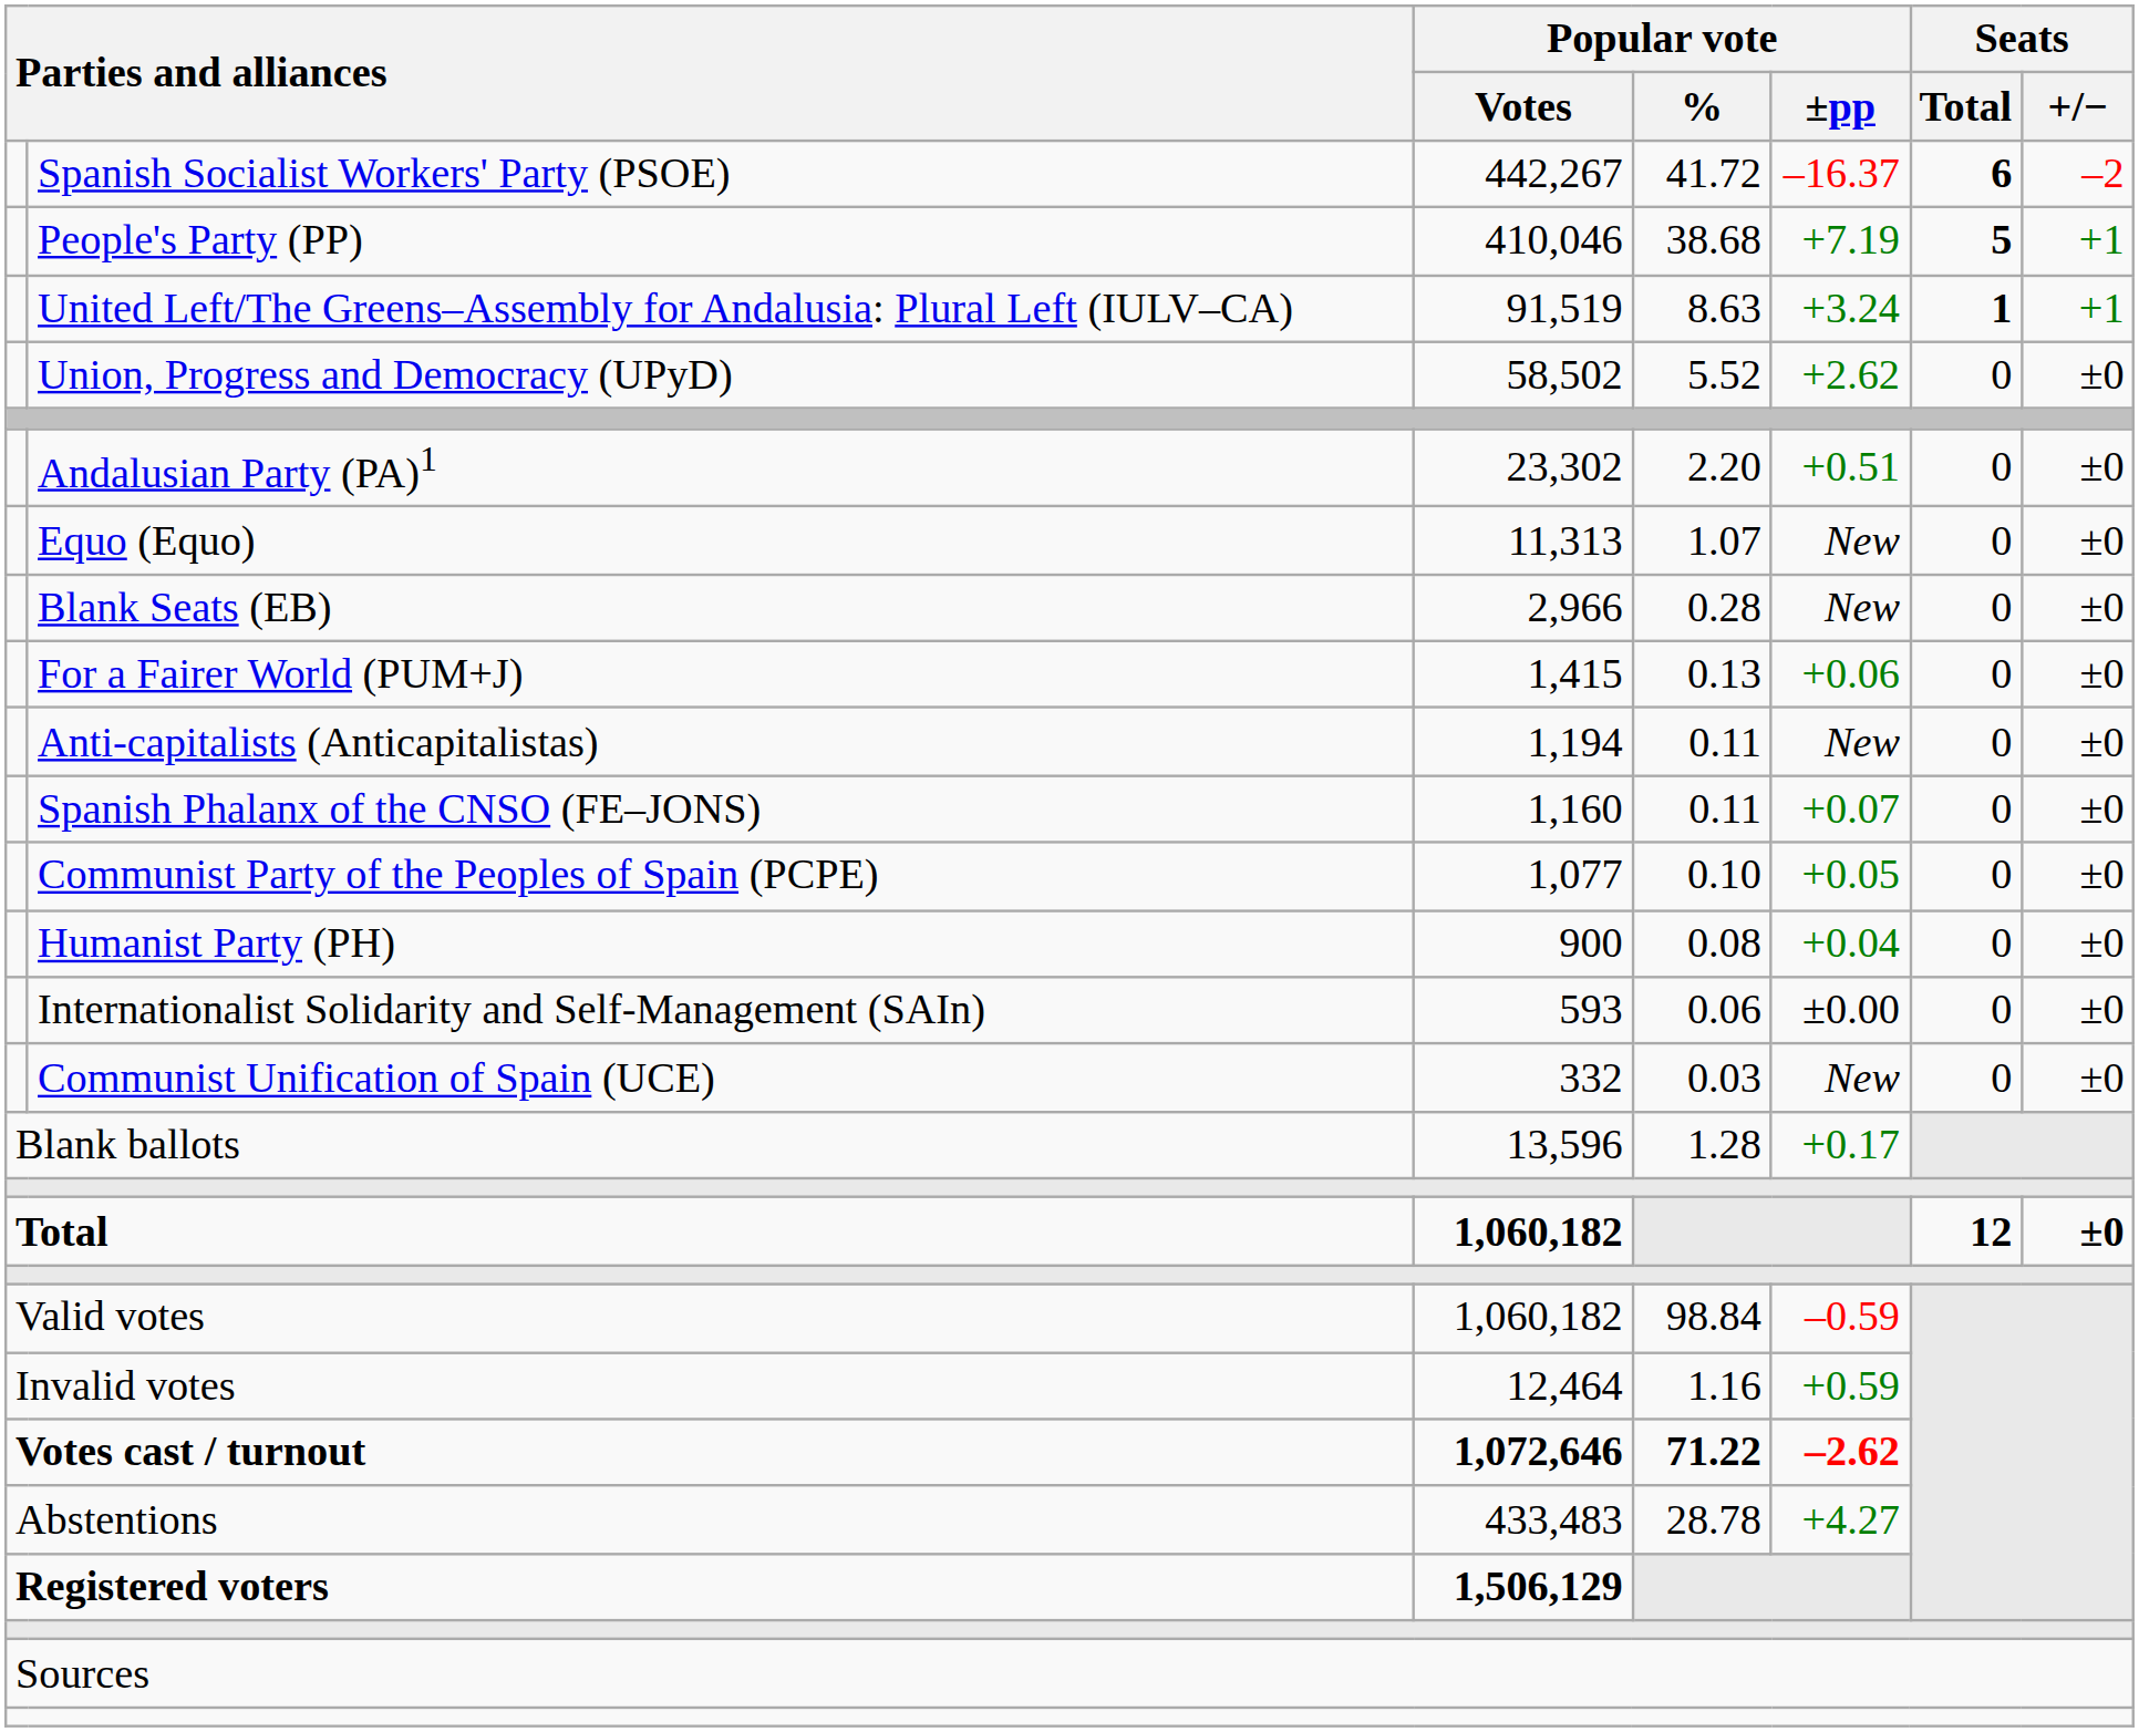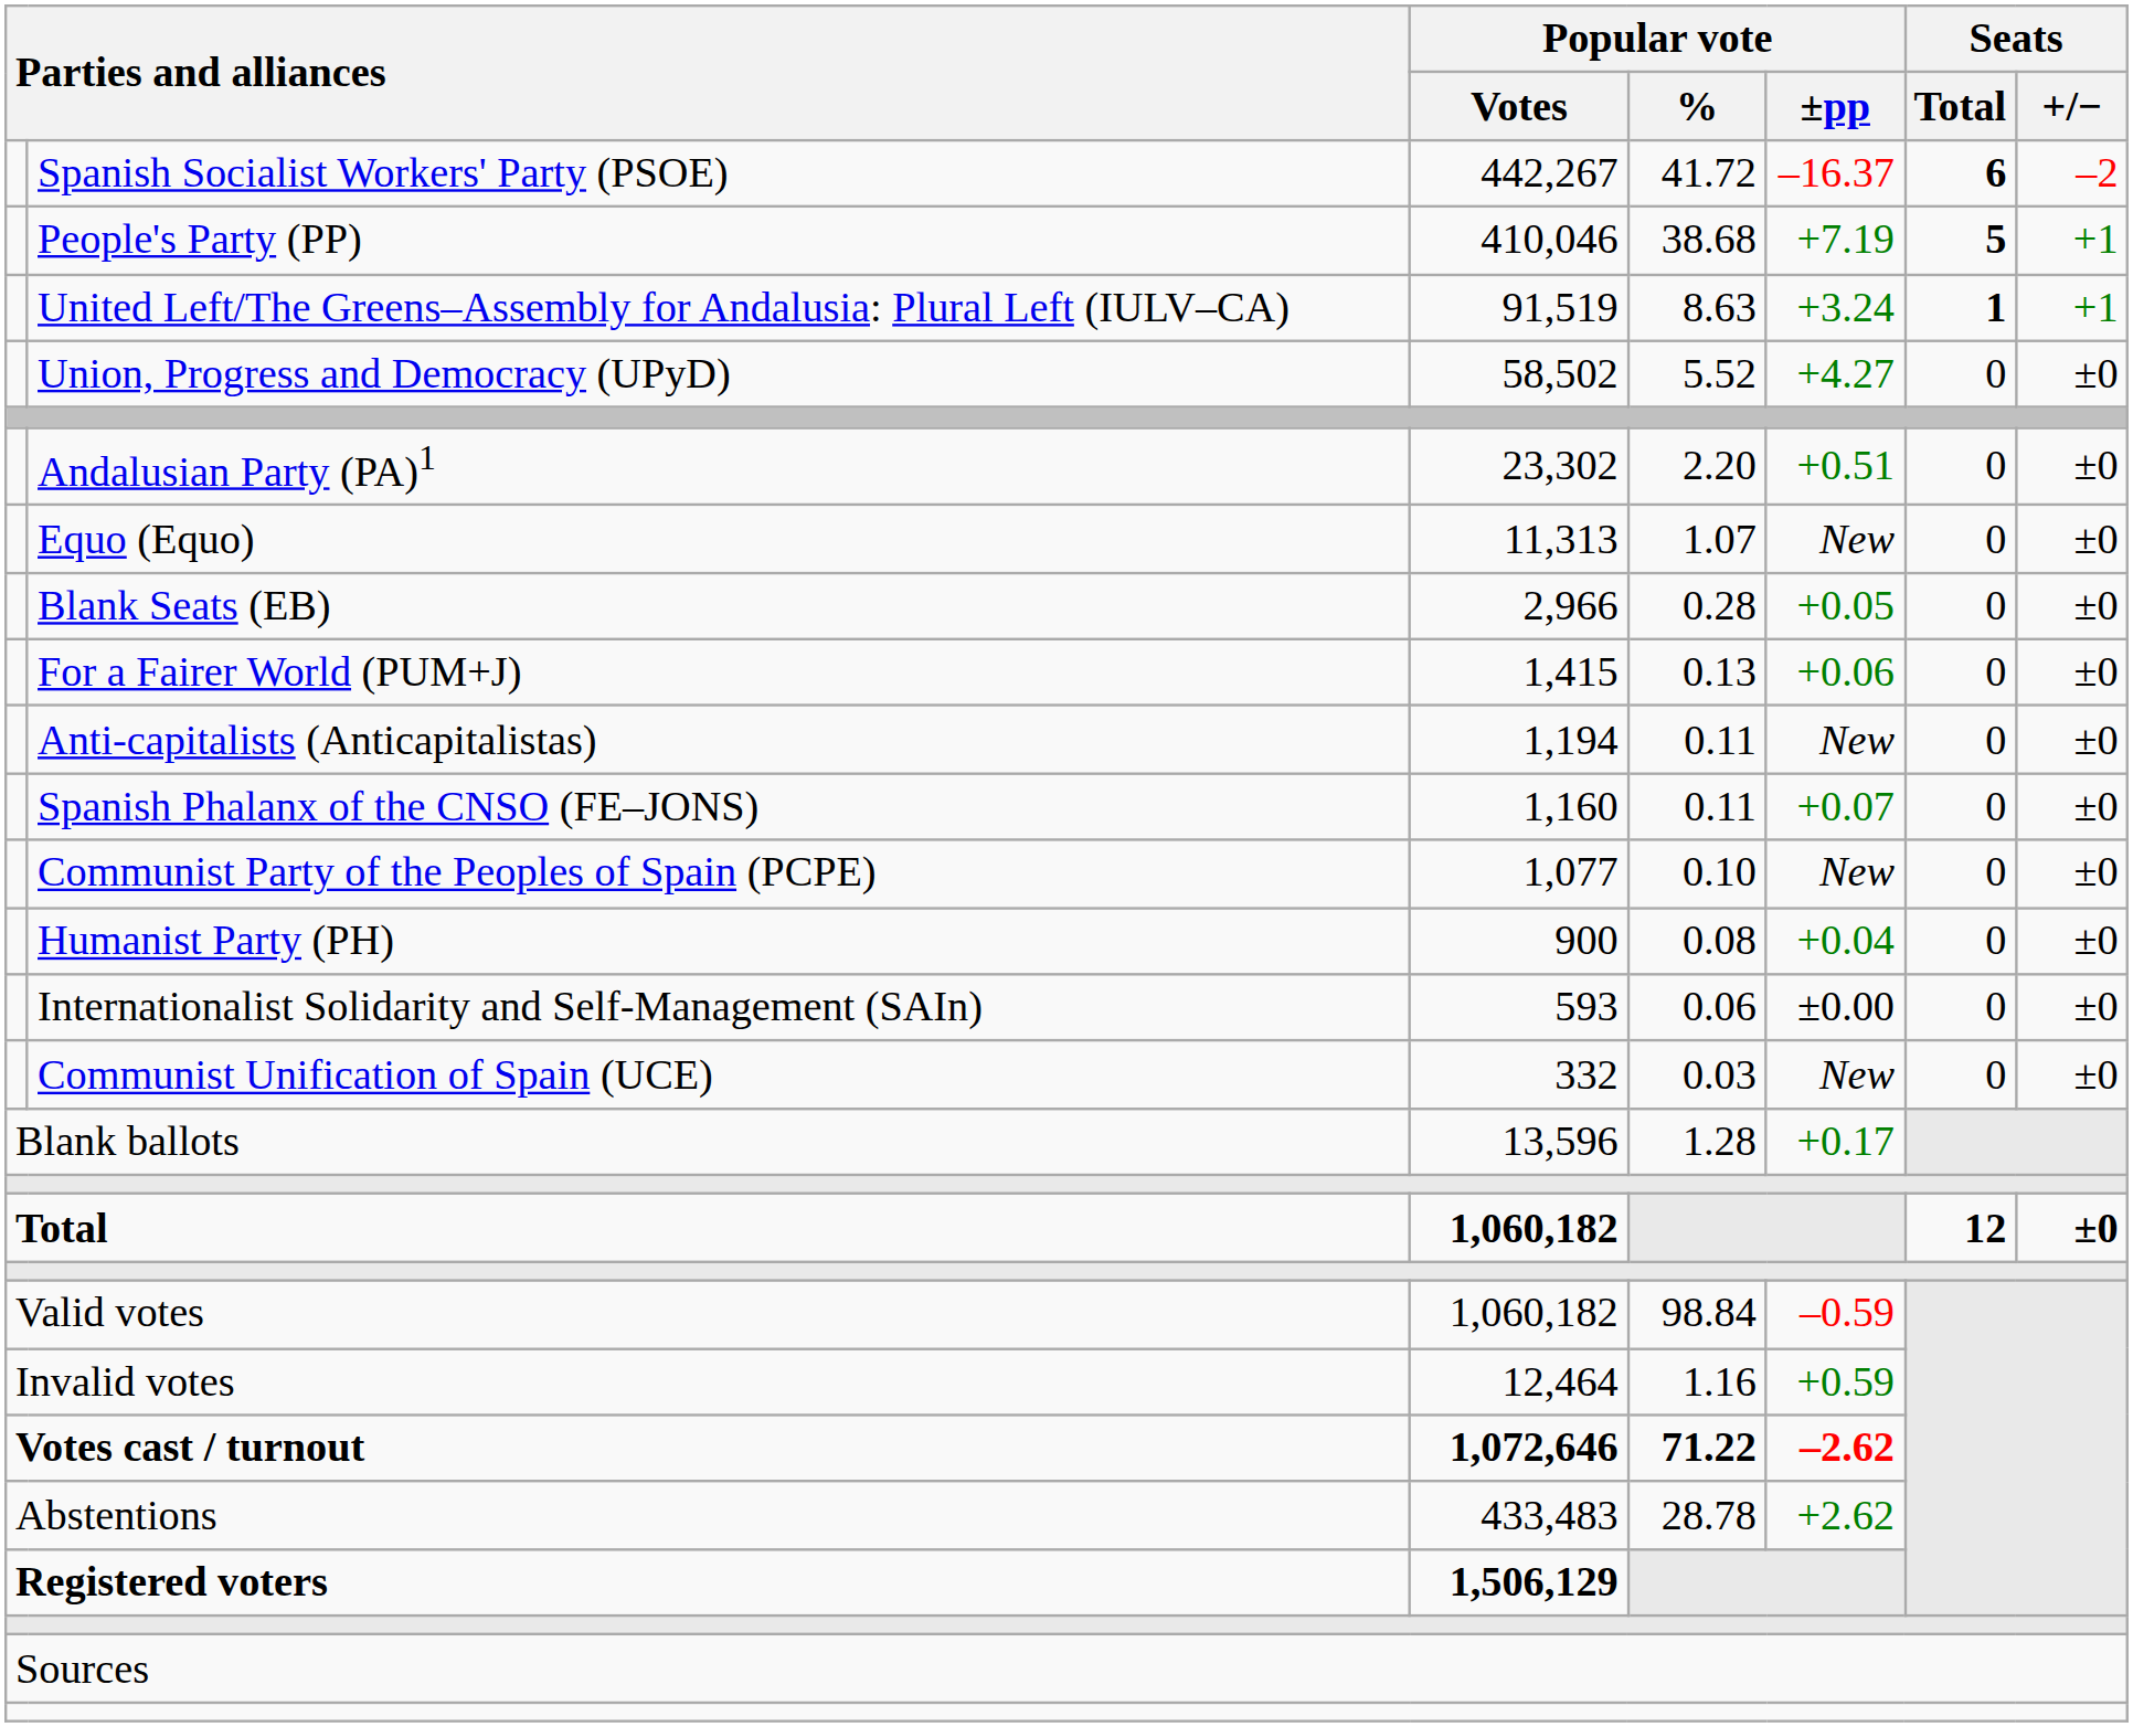 <table class="wikitable" style="text-align:right;">
 <tr>
 <th style="text-align:left;" rowspan="2" colspan="2" width="525">Parties and alliances</th>
 <th colspan="3">Popular vote</th>
 <th colspan="2">Seats</th>
 </tr>
 <tr>
 <th width="75">Votes</th>
 <th width="45">%</th>
 <th width="45">±<a href='#'>pp</a></th>
 <th width="35">Total</th>
 <th width="35">+/−</th>
 </tr>
 <tr>
 <td width="1" style="color:inherit;background:"></td>
 <td align="left"><a href='#'>Spanish Socialist Workers' Party</a> (PSOE)</td>
 <td>442,267</td>
 <td>41.72</td>
 <td style="color:red;">–16.37</td>
 <td><strong>6</strong></td>
 <td style="color:red;">–2</td>
 </tr>
 <tr>
 <td style="color:inherit;background:"></td>
 <td align="left"><a href='#'>People's Party</a> (PP)</td>
 <td>410,046</td>
 <td>38.68</td>
 <td style="color:green;">+7.19</td>
 <td><strong>5</strong></td>
 <td style="color:green;">+1</td>
 </tr>
 <tr>
 <td style="color:inherit;background:"></td>
 <td align="left"><a href='#'>United Left/The Greens–Assembly for Andalusia</a>: <a href='#'>Plural Left</a> (IULV–CA)</td>
 <td>91,519</td>
 <td>8.63</td>
 <td style="color:green;">+3.24</td>
 <td><strong>1</strong></td>
 <td style="color:green;">+1</td>
 </tr>
 <tr>
 <td style="color:inherit;background:"></td>
 <td align="left"><a href='#'>Union, Progress and Democracy</a> (UPyD)</td>
 <td>58,502</td>
 <td>5.52</td>
-<td style="color:green;">+2.62</td>
+<td style="color:green;">+4.27</td>
 <td>0</td>
 <td>±0</td>
 </tr>
 <tr>
 <td colspan="7" bgcolor="#C0C0C0"></td>
 </tr>
 <tr>
 <td style="color:inherit;background:"></td>
 <td align="left"><a href='#'>Andalusian Party</a> (PA)<sup>1</sup></td>
 <td>23,302</td>
 <td>2.20</td>
 <td style="color:green;">+0.51</td>
 <td>0</td>
 <td>±0</td>
 </tr>
 <tr>
 <td style="color:inherit;background:"></td>
 <td align="left"><a href='#'>Equo</a> (Equo)</td>
 <td>11,313</td>
 <td>1.07</td>
 <td><em>New</em></td>
 <td>0</td>
 <td>±0</td>
 </tr>
 <tr>
 <td style="color:inherit;background:"></td>
 <td align="left"><a href='#'>Blank Seats</a> (EB)</td>
 <td>2,966</td>
 <td>0.28</td>
-<td><em>New</em></td>
+<td style="color:green;">+0.05</td>
 <td>0</td>
 <td>±0</td>
 </tr>
 <tr>
 <td style="color:inherit;background:"></td>
 <td align="left"><a href='#'>For a Fairer World</a> (PUM+J)</td>
 <td>1,415</td>
 <td>0.13</td>
 <td style="color:green;">+0.06</td>
 <td>0</td>
 <td>±0</td>
 </tr>
 <tr>
 <td style="color:inherit;background:"></td>
 <td align="left"><a href='#'>Anti-capitalists</a> (Anticapitalistas)</td>
 <td>1,194</td>
 <td>0.11</td>
 <td><em>New</em></td>
 <td>0</td>
 <td>±0</td>
 </tr>
 <tr>
 <td style="color:inherit;background:"></td>
 <td align="left"><a href='#'>Spanish Phalanx of the CNSO</a> (FE–JONS)</td>
 <td>1,160</td>
 <td>0.11</td>
 <td style="color:green;">+0.07</td>
 <td>0</td>
 <td>±0</td>
 </tr>
 <tr>
 <td style="color:inherit;background:"></td>
 <td align="left"><a href='#'>Communist Party of the Peoples of Spain</a> (PCPE)</td>
 <td>1,077</td>
 <td>0.10</td>
-<td style="color:green;">+0.05</td>
+<td><em>New</em></td>
 <td>0</td>
 <td>±0</td>
 </tr>
 <tr>
 <td style="color:inherit;background:"></td>
 <td align="left"><a href='#'>Humanist Party</a> (PH)</td>
 <td>900</td>
 <td>0.08</td>
 <td style="color:green;">+0.04</td>
 <td>0</td>
 <td>±0</td>
 </tr>
 <tr>
 <td style="color:inherit;background:"></td>
 <td align="left">Internationalist Solidarity and Self-Management (SAIn)</td>
 <td>593</td>
 <td>0.06</td>
 <td>±0.00</td>
 <td>0</td>
 <td>±0</td>
 </tr>
 <tr>
 <td style="color:inherit;background:"></td>
 <td align="left"><a href='#'>Communist Unification of Spain</a> (UCE)</td>
 <td>332</td>
 <td>0.03</td>
 <td><em>New</em></td>
 <td>0</td>
 <td>±0</td>
 </tr>
 <tr>
 <td align="left" colspan="2">Blank ballots</td>
 <td>13,596</td>
 <td>1.28</td>
 <td style="color:green;">+0.17</td>
 <td bgcolor="#E9E9E9" colspan="2"></td>
 </tr>
 <tr>
 <td colspan="7" bgcolor="#E9E9E9"></td>
 </tr>
 <tr style="font-weight:bold;">
 <td align="left" colspan="2">Total</td>
 <td>1,060,182</td>
 <td bgcolor="#E9E9E9" colspan="2"></td>
 <td>12</td>
 <td>±0</td>
 </tr>
 <tr>
 <td colspan="7" bgcolor="#E9E9E9"></td>
 </tr>
 <tr>
 <td align="left" colspan="2">Valid votes</td>
 <td>1,060,182</td>
 <td>98.84</td>
 <td style="color:red;">–0.59</td>
 <td bgcolor="#E9E9E9" colspan="2" rowspan="5"></td>
 </tr>
 <tr>
 <td align="left" colspan="2">Invalid votes</td>
 <td>12,464</td>
 <td>1.16</td>
 <td style="color:green;">+0.59</td>
 </tr>
 <tr style="font-weight:bold;">
 <td align="left" colspan="2">Votes cast / turnout</td>
 <td>1,072,646</td>
 <td>71.22</td>
 <td style="color:red;">–2.62</td>
 </tr>
 <tr>
 <td align="left" colspan="2">Abstentions</td>
 <td>433,483</td>
 <td>28.78</td>
-<td style="color:green;">+4.27</td>
+<td style="color:green;">+2.62</td>
 </tr>
 <tr style="font-weight:bold;">
 <td align="left" colspan="2">Registered voters</td>
 <td>1,506,129</td>
 <td bgcolor="#E9E9E9" colspan="2"></td>
 </tr>
 <tr>
 <td colspan="7" bgcolor="#E9E9E9"></td>
 </tr>
 <tr>
 <td align="left" colspan="7">Sources</td>
 </tr>
 <tr>
 <td colspan="7" style="text-align:left; max-width:790px;"></td>
 </tr>
 </table>
